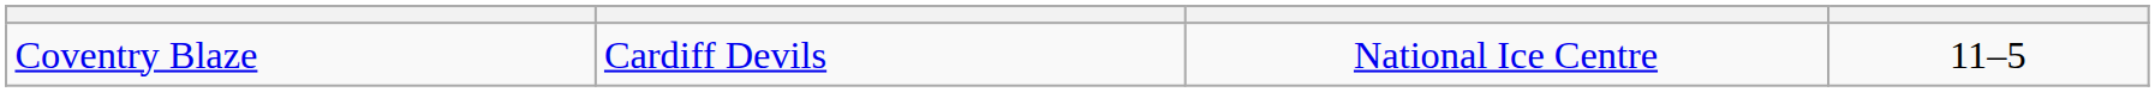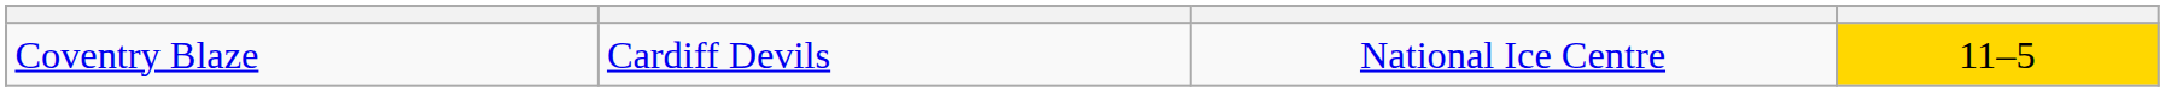 <table class="wikitable" style="width: 100%">
 <tr>
 <th width="27.5%"></th>
 <th width="27.5%"></th>
 <th width="30%"></th>
 <th width="15%"></th>
 </tr>
 <tr align=center>
 <td align=left><a href='#'>Coventry Blaze</a></td>
 <td align=left><a href='#'>Cardiff Devils</a></td>
 <td><a href='#'>National Ice Centre</a></td>
-<td>11–5</td>
+<td style="background: gold;">11–5</td>
 </tr>
 </table>
